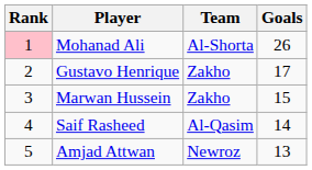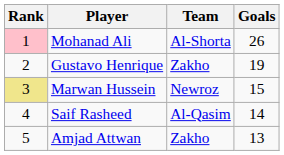 <table class="wikitable" style="text-align:center">
 <tr>
 <th>Rank</th>
 <th>Player</th>
 <th>Team</th>
 <th>Goals</th>
 </tr>
 <tr>
 <td rowspan=1 style="background: pink;">1</td>
 <td align="left"> <a href='#'>Mohanad Ali</a></td>
 <td align="left"><a href='#'>Al-Shorta</a></td>
 <td rowspan=1>26</td>
 </tr>
 <tr>
 <td rowspan=1>2</td>
 <td align="left"> <a href='#'>Gustavo Henrique</a></td>
 <td align="left"><a href='#'>Zakho</a></td>
-<td rowspan=1>17</td>
+<td rowspan=1>19</td>
 </tr>
 <tr>
-<td rowspan=1>3</td>
+<td rowspan=1 style="background: khaki;">3</td>
 <td align="left"> <a href='#'>Marwan Hussein</a></td>
-<td align="left"><a href='#'>Zakho</a></td>
+<td align="left"><a href='#'>Newroz</a></td>
 <td rowspan=1>15</td>
 </tr>
 <tr>
 <td rowspan=1>4</td>
 <td align="left"> <a href='#'>Saif Rasheed</a></td>
 <td align="left"><a href='#'>Al-Qasim</a></td>
 <td rowspan=1>14</td>
 </tr>
 <tr>
 <td rowspan=1>5</td>
 <td align="left"> <a href='#'>Amjad Attwan</a></td>
-<td align="left"><a href='#'>Newroz</a></td>
+<td align="left"><a href='#'>Zakho</a></td>
 <td rowspan=1>13</td>
 </tr>
 </table>
